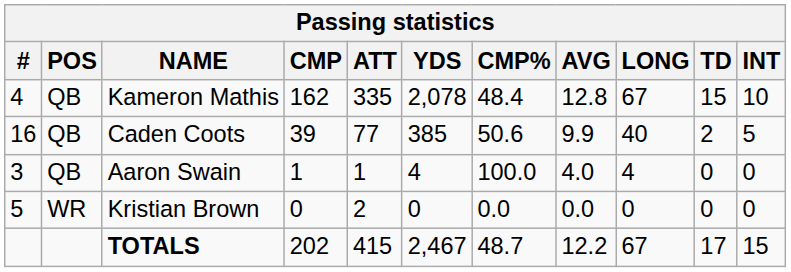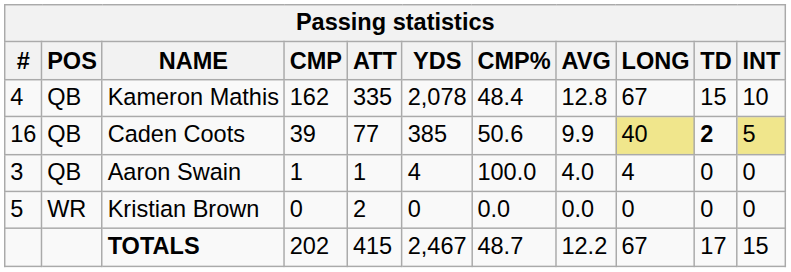 <table class="wikitable collapsible collapsed">
 <tr>
 <th colspan="11">Passing statistics</th>
 </tr>
 <tr>
 <th>#</th>
 <th>POS</th>
 <th>NAME</th>
 <th>CMP</th>
 <th>ATT</th>
 <th>YDS</th>
 <th>CMP%</th>
 <th>AVG</th>
 <th>LONG</th>
 <th>TD</th>
 <th>INT</th>
 </tr>
 <tr>
 <td>4</td>
 <td>QB</td>
 <td>Kameron Mathis</td>
 <td>162</td>
 <td>335</td>
 <td>2,078</td>
 <td>48.4</td>
 <td>12.8</td>
 <td>67</td>
 <td>15</td>
 <td>10</td>
 </tr>
 <tr>
 <td>16</td>
 <td>QB</td>
 <td>Caden Coots</td>
 <td>39</td>
 <td>77</td>
 <td>385</td>
 <td>50.6</td>
 <td>9.9</td>
-<td>40</td>
-<td>2</td>
-<td>5</td>
+<td style="background: khaki;">40</td>
+<td><strong>2</strong></td>
+<td style="background: khaki;">5</td>
 </tr>
 <tr>
 <td>3</td>
 <td>QB</td>
 <td>Aaron Swain</td>
 <td>1</td>
 <td>1</td>
 <td>4</td>
 <td>100.0</td>
 <td>4.0</td>
 <td>4</td>
 <td>0</td>
 <td>0</td>
 </tr>
 <tr>
 <td>5</td>
 <td>WR</td>
 <td>Kristian Brown</td>
 <td>0</td>
 <td>2</td>
 <td>0</td>
 <td>0.0</td>
 <td>0.0</td>
 <td>0</td>
 <td>0</td>
 <td>0</td>
 </tr>
 <tr>
 <td></td>
 <td></td>
 <td><strong>TOTALS</strong></td>
 <td>202</td>
 <td>415</td>
 <td>2,467</td>
 <td>48.7</td>
 <td>12.2</td>
 <td>67</td>
 <td>17</td>
 <td>15</td>
 </tr>
 </table>
